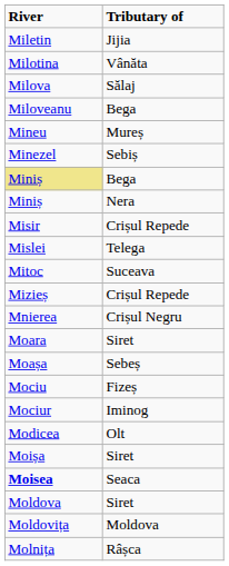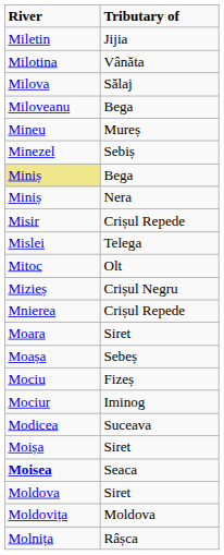 <table class="wikitable">
 <tr>
 <td width="100pt"><strong>River</strong></td>
 <td width="125pt"><strong>Tributary of</strong></td>
 </tr>
 <tr>
 <td><a href='#'>Miletin</a></td>
 <td>Jijia</td>
 </tr>
 <tr>
 <td><a href='#'>Milotina</a></td>
 <td>Vânăta</td>
 </tr>
 <tr>
 <td><a href='#'>Milova</a></td>
 <td>Sălaj</td>
 </tr>
 <tr>
 <td><a href='#'>Miloveanu</a></td>
 <td>Bega</td>
 </tr>
 <tr>
 <td><a href='#'>Mineu</a></td>
 <td>Mureș</td>
 </tr>
 <tr>
 <td><a href='#'>Minezel</a></td>
 <td>Sebiș</td>
 </tr>
 <tr>
 <td style="background: khaki;"><a href='#'>Miniș</a></td>
 <td>Bega</td>
 </tr>
 <tr>
 <td><a href='#'>Miniș</a></td>
 <td>Nera</td>
 </tr>
 <tr>
 <td><a href='#'>Misir</a></td>
 <td>Crișul Repede</td>
 </tr>
 <tr>
 <td><a href='#'>Mislei</a></td>
 <td>Telega</td>
 </tr>
 <tr>
 <td><a href='#'>Mitoc</a></td>
-<td>Suceava</td>
+<td>Olt</td>
 </tr>
 <tr>
 <td><a href='#'>Mizieș</a></td>
-<td>Crișul Repede</td>
+<td>Crișul Negru</td>
 </tr>
 <tr>
 <td><a href='#'>Mnierea</a></td>
-<td>Crișul Negru</td>
+<td>Crișul Repede</td>
 </tr>
 <tr>
 <td><a href='#'>Moara</a></td>
 <td>Siret</td>
 </tr>
 <tr>
 <td><a href='#'>Moașa</a></td>
 <td>Sebeș</td>
 </tr>
 <tr>
 <td><a href='#'>Mociu</a></td>
 <td>Fizeș</td>
 </tr>
 <tr>
 <td><a href='#'>Mociur</a></td>
 <td>Iminog</td>
 </tr>
 <tr>
 <td><a href='#'>Modicea</a></td>
-<td>Olt</td>
+<td>Suceava</td>
 </tr>
 <tr>
 <td><a href='#'>Moișa</a></td>
 <td>Siret</td>
 </tr>
 <tr>
 <td><strong><a href='#'>Moisea</a></strong></td>
 <td>Seaca</td>
 </tr>
 <tr>
 <td><a href='#'>Moldova</a></td>
 <td>Siret</td>
 </tr>
 <tr>
 <td><a href='#'>Moldovița</a></td>
 <td>Moldova</td>
 </tr>
 <tr>
 <td><a href='#'>Molnița</a></td>
 <td>Râșca</td>
 </tr>
 </table>
